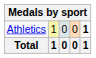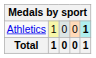 <table class="wikitable" style="font-size:90%; text-align:center;">
 <tr>
 <th colspan="5">Medals by sport</th>
 </tr>
 <tr>
 <td align="left"><a href='#'>Athletics</a></td>
 <td style="background:#F7F6A8;">1</td>
 <td style="background:#DCE5E5;">0</td>
 <td style="background:#FFDAB9;">0</td>
-<td><strong>1</strong></td>
+<td style="background: paleturquoise;"><strong>1</strong></td>
 </tr>
 <tr class="sortbottom">
 <th>Total</th>
 <th>1</th>
 <th>0</th>
 <th>0</th>
 <th>1</th>
 </tr>
 </table>
